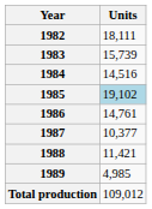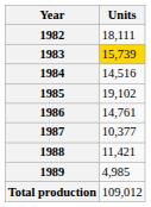 <table class=wikitable>
 <tr>
 <th>Year</th>
 <th>Units</th>
 </tr>
 <tr>
 <th align="centered">1982</th>
 <td>18,111</td>
 </tr>
 <tr>
 <th align="centered">1983</th>
-<td>15,739</td>
+<td style="background: gold;">15,739</td>
 </tr>
 <tr>
 <th align="centered">1984</th>
 <td>14,516</td>
 </tr>
 <tr>
 <th align="centered">1985</th>
-<td style="background: lightblue;">19,102</td>
+<td>19,102</td>
 </tr>
 <tr>
 <th align="centered">1986</th>
 <td>14,761</td>
 </tr>
 <tr>
 <th align="centered">1987</th>
 <td>10,377</td>
 </tr>
 <tr>
 <th align="centered">1988</th>
 <td>11,421</td>
 </tr>
 <tr>
 <th align="centered">1989</th>
 <td>4,985</td>
 </tr>
 <tr>
 <th>Total production</th>
 <td>109,012</td>
 </tr>
 </table>
